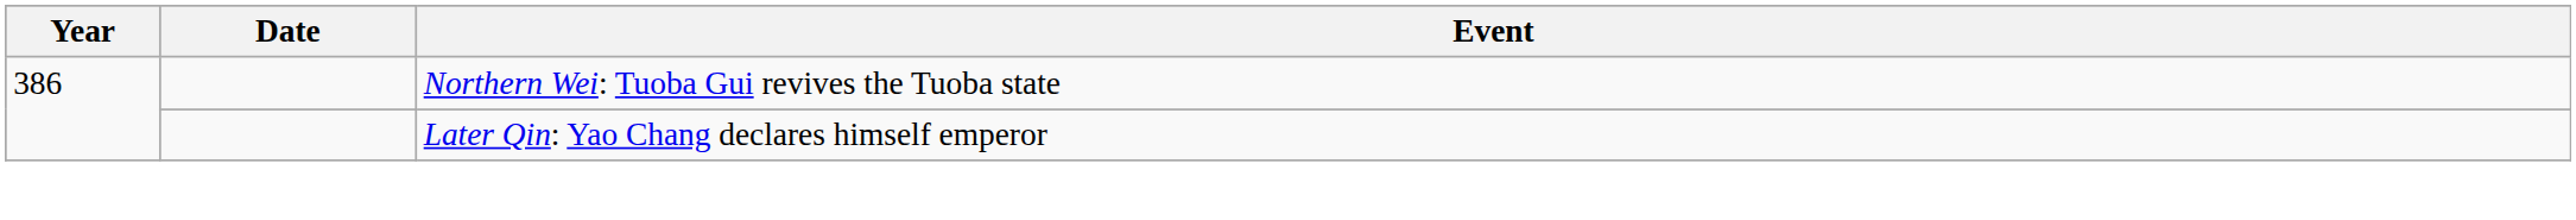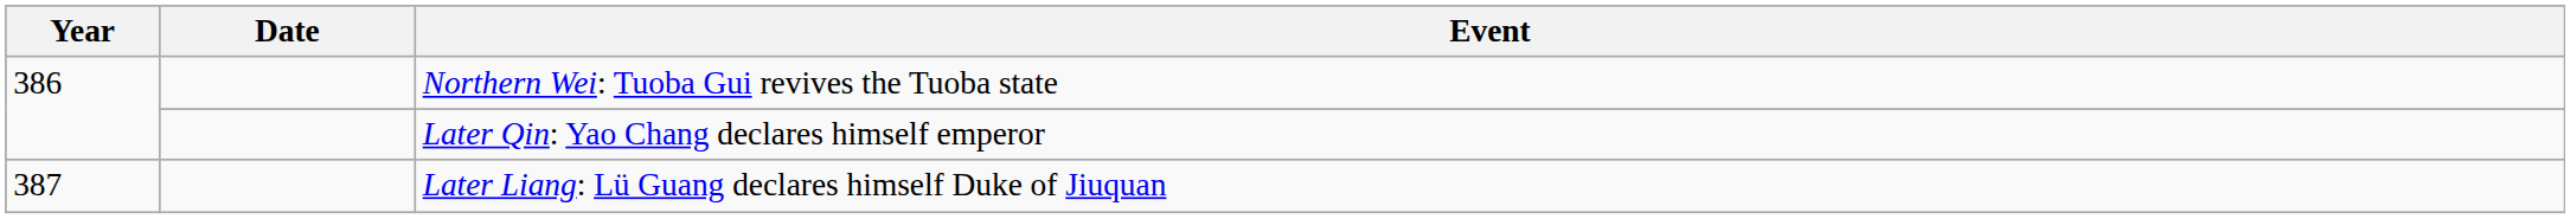 <table class="wikitable" style="width:100%;">
 <tr>
 <th style="width:6%">Year</th>
 <th style="width:10%">Date</th>
 <th>Event</th>
 </tr>
 <tr>
 <td rowspan="2" style="vertical-align:top;">386</td>
 <td></td>
 <td><em><a href='#'>Northern Wei</a></em>: <a href='#'>Tuoba Gui</a> revives the Tuoba state</td>
 </tr>
 <tr>
 <td></td>
 <td><em><a href='#'>Later Qin</a></em>: <a href='#'>Yao Chang</a> declares himself emperor</td>
 </tr>
+<tr>
+<td>387</td>
+<td></td>
+<td><em><a href='#'>Later Liang</a></em>: <a href='#'>Lü Guang</a> declares himself Duke of <a href='#'>Jiuquan</a></td>
+</tr>
 </table>
